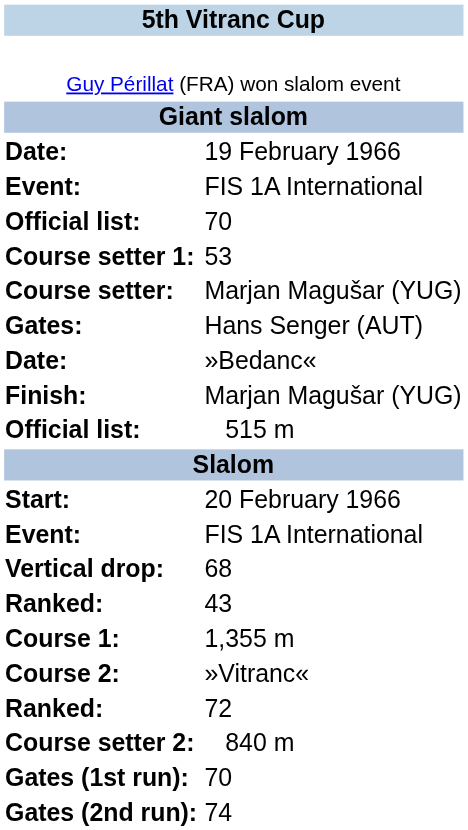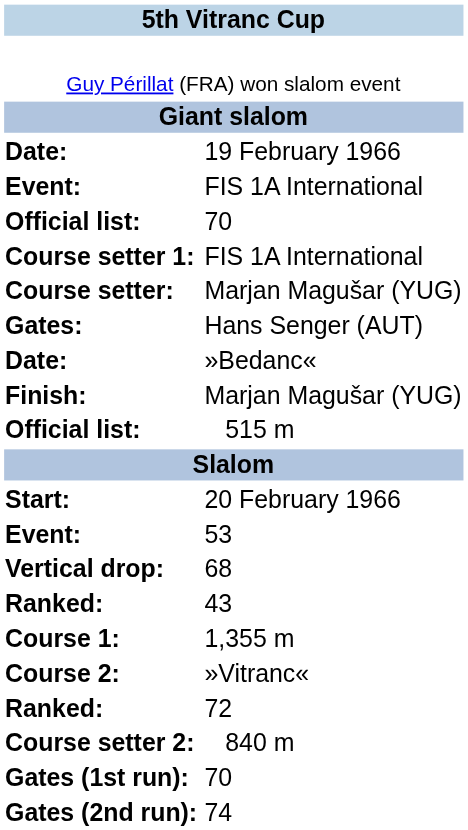 <table border=0 class="toccolours float-right" align="right" style="margin:0 0 0.5em 1em; font-size: 85%;">
 <tr>
 <th bgcolor=#BCD4E6 colspan=2 align="center">5th Vitranc Cup</th>
 </tr>
 <tr>
 <td align="center" colspan=2> <br><small><a href='#'>Guy Périllat</a> (FRA) won slalom event</small></td>
 </tr>
 <tr>
 <th bgcolor=#b0c4de colspan=2 align="center">Giant slalom</th>
 </tr>
 <tr>
 <td><strong>Date:</strong></td>
 <td>19 February 1966</td>
 </tr>
 <tr>
 <td><strong>Event:</strong></td>
 <td>FIS 1A International</td>
 </tr>
 <tr>
 <td><strong>Official list:</strong></td>
 <td>70</td>
 </tr>
 <tr>
 <td><strong>Course setter 1:</strong></td>
-<td>53</td>
+<td>FIS 1A International</td>
 </tr>
 <tr>
 <td><strong>Course setter:</strong></td>
 <td>Marjan Magušar (YUG)</td>
 </tr>
 <tr>
 <td><strong>Gates:</strong></td>
 <td>Hans Senger (AUT)</td>
 </tr>
 <tr>
 <td><strong>Date:</strong></td>
 <td>»Bedanc«</td>
 </tr>
 <tr>
 <td><strong>Finish:</strong></td>
 <td>Marjan Magušar (YUG)</td>
 </tr>
 <tr>
 <td><strong>Official list:</strong></td>
 <td>   515 m</td>
 </tr>
 <tr>
 <th bgcolor=#b0c4de colspan=2 align="center">Slalom</th>
 </tr>
 <tr>
 <td><strong>Start:</strong></td>
 <td>20 February 1966</td>
 </tr>
 <tr>
 <td><strong>Event:</strong></td>
-<td>FIS 1A International</td>
+<td>53</td>
 </tr>
 <tr>
 <td><strong>Vertical drop:</strong></td>
 <td>68</td>
 </tr>
 <tr>
 <td><strong>Ranked:</strong></td>
 <td>43</td>
 </tr>
 <tr>
 <td><strong>Course 1:</strong></td>
 <td>1,355 m</td>
 </tr>
 <tr>
 <td><strong>Course 2:</strong></td>
 <td>»Vitranc«</td>
 </tr>
 <tr>
 <td><strong>Ranked:</strong></td>
 <td>72</td>
 </tr>
 <tr>
 <td><strong>Course setter 2:</strong></td>
 <td>   840 m</td>
 </tr>
 <tr>
 <td><strong>Gates (1st run):</strong></td>
 <td>70</td>
 </tr>
 <tr>
 <td><strong>Gates (2nd run):</strong></td>
 <td>74</td>
 </tr>
 </table>
